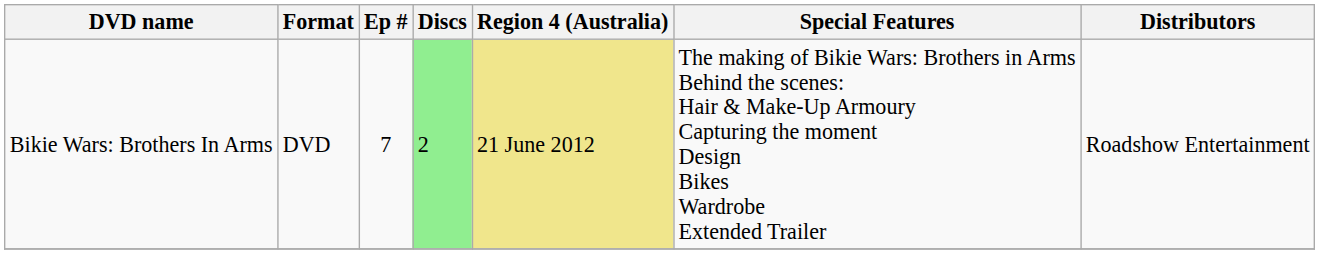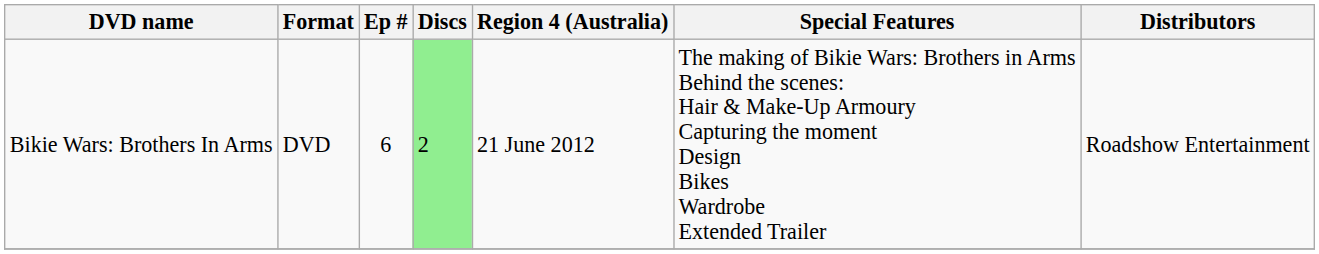 <table class="wikitable">
 <tr>
 <th>DVD name</th>
 <th>Format</th>
 <th>Ep #</th>
 <th>Discs</th>
 <th>Region 4 (Australia)</th>
 <th>Special Features</th>
 <th>Distributors</th>
 </tr>
 <tr>
 <td>Bikie Wars: Brothers In Arms</td>
 <td>DVD</td>
-<td style="text-align:center;">7</td>
+<td style="text-align:center;">6</td>
 <td style="background: lightgreen;">2</td>
-<td style="background: khaki;">21 June 2012</td>
+<td>21 June 2012</td>
 <td>The making of Bikie Wars: Brothers in Arms<br>Behind the scenes:<br>Hair & Make-Up Armoury<br>Capturing the moment<br>Design<br>Bikes<br>Wardrobe<br>Extended Trailer</td>
 <td>Roadshow Entertainment</td>
 </tr>
 <tr>
 </tr>
 </table>
